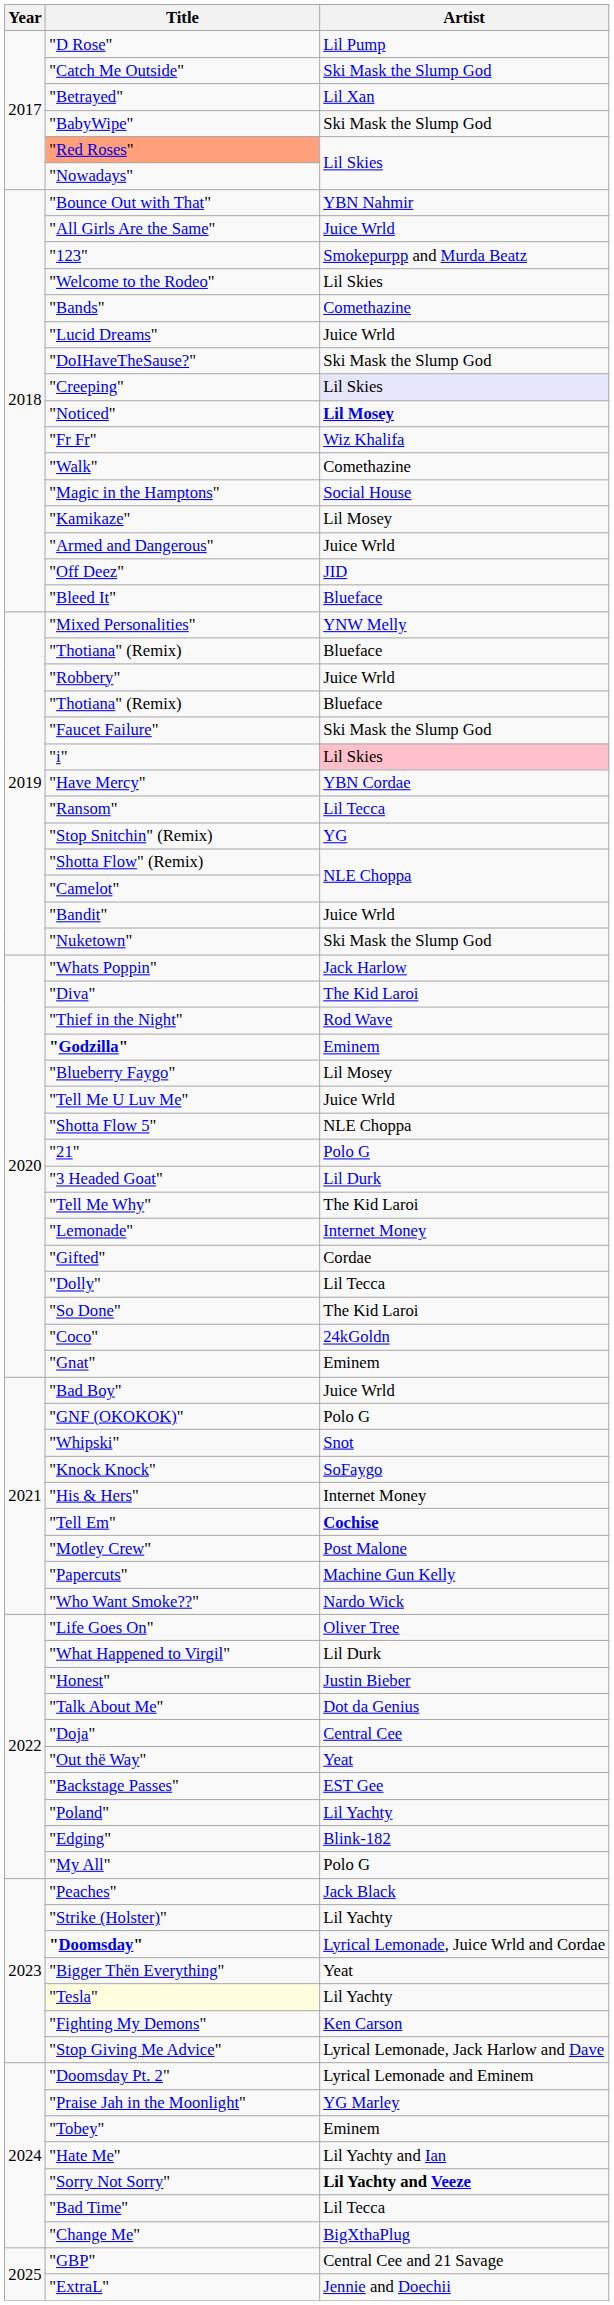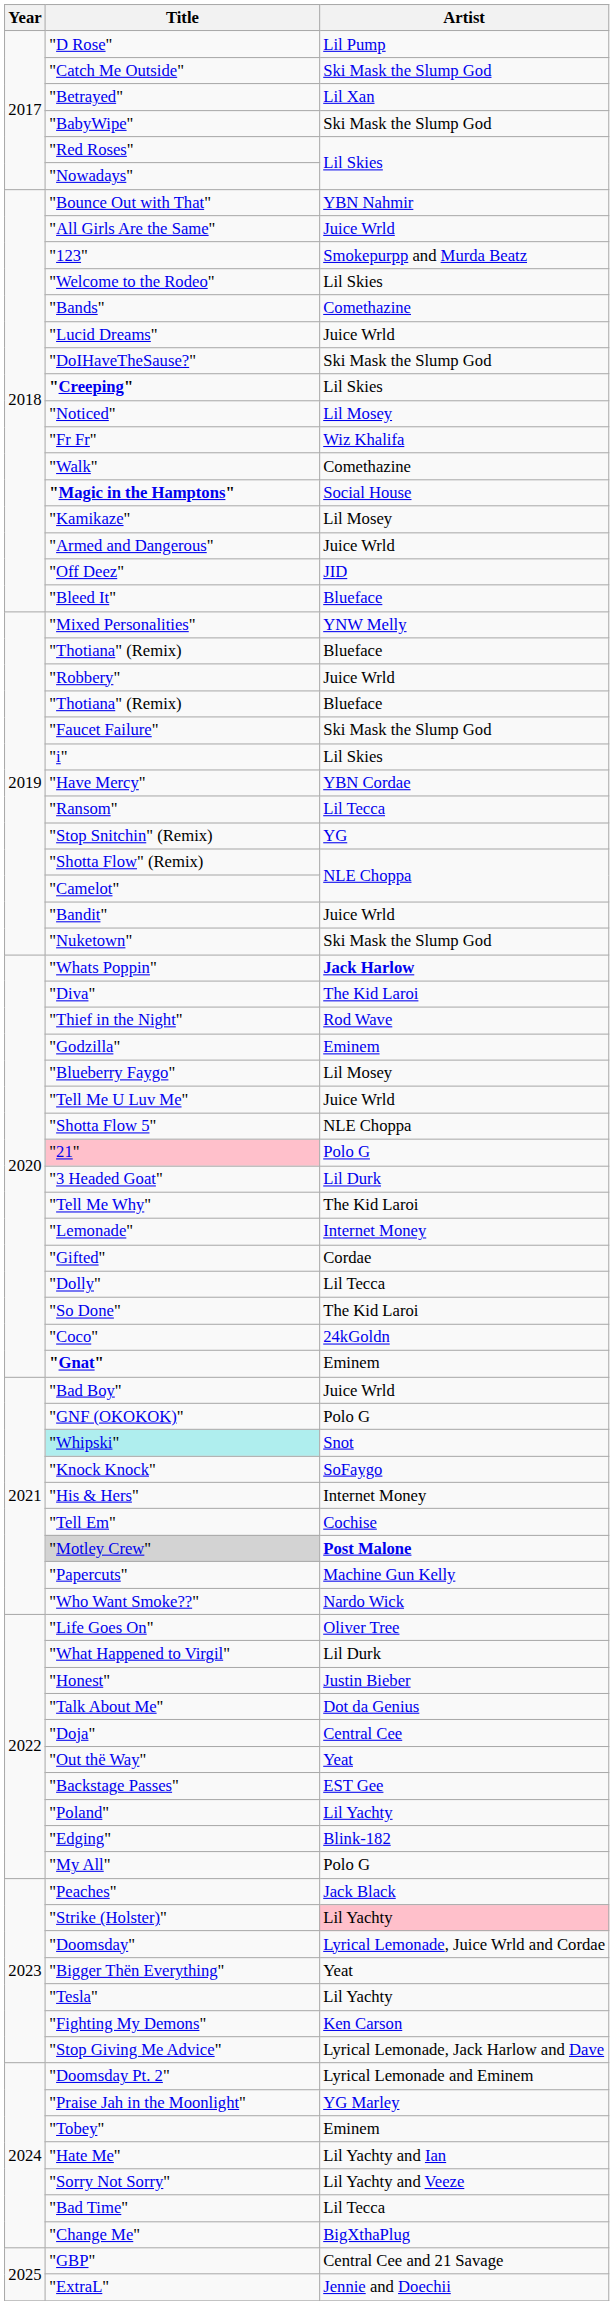 <table class="wikitable sortable plainrowheaders">
 <tr>
 <th scope="col">Year</th>
 <th scope="col" style="width:16em;">Title</th>
 <th scope="col">Artist</th>
 </tr>
 <tr>
 <td rowspan="6">2017</td>
 <td>"<a href='#'>D Rose</a>"</td>
 <td><a href='#'>Lil Pump</a></td>
 </tr>
 <tr>
 <td>"<a href='#'>Catch Me Outside</a>"</td>
 <td><a href='#'>Ski Mask the Slump God</a></td>
 </tr>
 <tr>
 <td>"<a href='#'>Betrayed</a>"</td>
 <td><a href='#'>Lil Xan</a></td>
 </tr>
 <tr>
 <td>"<a href='#'>BabyWipe</a>"</td>
 <td>Ski Mask the Slump God</td>
 </tr>
 <tr>
-<td style="background: lightsalmon;">"<a href='#'>Red Roses</a>" </td>
+<td>"<a href='#'>Red Roses</a>" </td>
 <td rowspan="2"><a href='#'>Lil Skies</a></td>
 </tr>
 <tr>
 <td>"<a href='#'>Nowadays</a>" </td>
 </tr>
 <tr>
 <td rowspan="16">2018</td>
 <td>"<a href='#'>Bounce Out with That</a>"</td>
 <td><a href='#'>YBN Nahmir</a></td>
 </tr>
 <tr>
 <td>"<a href='#'>All Girls Are the Same</a>"</td>
 <td><a href='#'>Juice Wrld</a></td>
 </tr>
 <tr>
 <td>"<a href='#'>123</a>"</td>
 <td><a href='#'>Smokepurpp</a> and <a href='#'>Murda Beatz</a></td>
 </tr>
 <tr>
 <td>"<a href='#'>Welcome to the Rodeo</a>"</td>
 <td>Lil Skies</td>
 </tr>
 <tr>
 <td>"<a href='#'>Bands</a>"</td>
 <td><a href='#'>Comethazine</a></td>
 </tr>
 <tr>
 <td>"<a href='#'>Lucid Dreams</a>"</td>
 <td>Juice Wrld</td>
 </tr>
 <tr>
 <td>"<a href='#'>DoIHaveTheSause?</a>"</td>
 <td>Ski Mask the Slump God</td>
 </tr>
 <tr>
-<td>"<a href='#'>Creeping</a>" </td>
-<td style="background: lavender;">Lil Skies</td>
+<td><strong>"<a href='#'>Creeping</a>" </strong></td>
+<td>Lil Skies</td>
 </tr>
 <tr>
 <td>"<a href='#'>Noticed</a>"</td>
-<td><strong><a href='#'>Lil Mosey</a></strong></td>
+<td><a href='#'>Lil Mosey</a></td>
 </tr>
 <tr>
 <td>"<a href='#'>Fr Fr</a>" </td>
 <td><a href='#'>Wiz Khalifa</a></td>
 </tr>
 <tr>
 <td>"<a href='#'>Walk</a>"</td>
 <td>Comethazine</td>
 </tr>
 <tr>
-<td>"<a href='#'>Magic in the Hamptons</a>" </td>
+<td><strong>"<a href='#'>Magic in the Hamptons</a>" </strong></td>
 <td><a href='#'>Social House</a></td>
 </tr>
 <tr>
 <td>"<a href='#'>Kamikaze</a>"</td>
 <td>Lil Mosey</td>
 </tr>
 <tr>
 <td>"<a href='#'>Armed and Dangerous</a>"</td>
 <td>Juice Wrld</td>
 </tr>
 <tr>
 <td>"<a href='#'>Off Deez</a>" </td>
 <td><a href='#'>JID</a></td>
 </tr>
 <tr>
 <td>"<a href='#'>Bleed It</a>"</td>
 <td><a href='#'>Blueface</a></td>
 </tr>
 <tr>
 <td rowspan="13">2019</td>
 <td>"<a href='#'>Mixed Personalities</a>" </td>
 <td><a href='#'>YNW Melly</a></td>
 </tr>
 <tr>
 <td>"<a href='#'>Thotiana</a>" (Remix) </td>
 <td>Blueface</td>
 </tr>
 <tr>
 <td>"<a href='#'>Robbery</a>"</td>
 <td>Juice Wrld</td>
 </tr>
 <tr>
 <td>"<a href='#'>Thotiana</a>" (Remix) </td>
 <td>Blueface</td>
 </tr>
 <tr>
 <td>"<a href='#'>Faucet Failure</a>"</td>
 <td>Ski Mask the Slump God</td>
 </tr>
 <tr>
 <td>"<a href='#'>i</a>"</td>
-<td style="background: pink;">Lil Skies</td>
+<td>Lil Skies</td>
 </tr>
 <tr>
 <td>"<a href='#'>Have Mercy</a>"</td>
 <td><a href='#'>YBN Cordae</a></td>
 </tr>
 <tr>
 <td>"<a href='#'>Ransom</a>"</td>
 <td><a href='#'>Lil Tecca</a></td>
 </tr>
 <tr>
 <td>"<a href='#'>Stop Snitchin</a>" (Remix) </td>
 <td><a href='#'>YG</a></td>
 </tr>
 <tr>
 <td>"<a href='#'>Shotta Flow</a>" (Remix) </td>
 <td rowspan="2"><a href='#'>NLE Choppa</a></td>
 </tr>
 <tr>
 <td>"<a href='#'>Camelot</a>"</td>
 </tr>
 <tr>
 <td>"<a href='#'>Bandit</a>" </td>
 <td>Juice Wrld</td>
 </tr>
 <tr>
 <td>"<a href='#'>Nuketown</a>" </td>
 <td>Ski Mask the Slump God</td>
 </tr>
 <tr>
 <td rowspan="16">2020</td>
 <td>"<a href='#'>Whats Poppin</a>"</td>
-<td><a href='#'>Jack Harlow</a></td>
+<td><strong><a href='#'>Jack Harlow</a></strong></td>
 </tr>
 <tr>
 <td>"<a href='#'>Diva</a>" </td>
 <td><a href='#'>The Kid Laroi</a></td>
 </tr>
 <tr>
 <td>"<a href='#'>Thief in the Night</a>"</td>
 <td><a href='#'>Rod Wave</a></td>
 </tr>
 <tr>
-<td><strong>"<a href='#'>Godzilla</a>" </strong></td>
+<td>"<a href='#'>Godzilla</a>" </td>
 <td><a href='#'>Eminem</a></td>
 </tr>
 <tr>
 <td>"<a href='#'>Blueberry Faygo</a>"</td>
 <td>Lil Mosey</td>
 </tr>
 <tr>
 <td>"<a href='#'>Tell Me U Luv Me</a>" </td>
 <td>Juice Wrld</td>
 </tr>
 <tr>
 <td>"<a href='#'>Shotta Flow 5</a>"</td>
 <td>NLE Choppa</td>
 </tr>
 <tr>
-<td>"<a href='#'>21</a>"</td>
+<td style="background: pink;">"<a href='#'>21</a>"</td>
 <td><a href='#'>Polo G</a></td>
 </tr>
 <tr>
 <td>"<a href='#'>3 Headed Goat</a>" </td>
 <td><a href='#'>Lil Durk</a></td>
 </tr>
 <tr>
 <td>"<a href='#'>Tell Me Why</a>"</td>
 <td>The Kid Laroi</td>
 </tr>
 <tr>
 <td>"<a href='#'>Lemonade</a>" </td>
 <td><a href='#'>Internet Money</a></td>
 </tr>
 <tr>
 <td>"<a href='#'>Gifted</a>" </td>
 <td>Cordae</td>
 </tr>
 <tr>
 <td>"<a href='#'>Dolly</a>" </td>
 <td>Lil Tecca</td>
 </tr>
 <tr>
 <td>"<a href='#'>So Done</a>"</td>
 <td>The Kid Laroi</td>
 </tr>
 <tr>
 <td>"<a href='#'>Coco</a>" </td>
 <td><a href='#'>24kGoldn</a></td>
 </tr>
 <tr>
-<td>"<a href='#'>Gnat</a>"</td>
+<td><strong>"<a href='#'>Gnat</a>"</strong></td>
 <td>Eminem</td>
 </tr>
 <tr>
 <td rowspan="9">2021</td>
 <td>"<a href='#'>Bad Boy</a>" </td>
 <td>Juice Wrld</td>
 </tr>
 <tr>
 <td>"<a href='#'>GNF (OKOKOK)</a>"</td>
 <td>Polo G</td>
 </tr>
 <tr>
-<td>"<a href='#'>Whipski</a>" </td>
+<td style="background: paleturquoise;">"<a href='#'>Whipski</a>" </td>
 <td><a href='#'>Snot</a></td>
 </tr>
 <tr>
 <td>"<a href='#'>Knock Knock</a>"</td>
 <td><a href='#'>SoFaygo</a></td>
 </tr>
 <tr>
 <td>"<a href='#'>His & Hers</a>" </td>
 <td>Internet Money</td>
 </tr>
 <tr>
 <td>"<a href='#'>Tell Em</a>" </td>
-<td><strong><a href='#'>Cochise</a></strong></td>
+<td><a href='#'>Cochise</a></td>
 </tr>
 <tr>
-<td>"<a href='#'>Motley Crew</a>"</td>
-<td><a href='#'>Post Malone</a></td>
+<td style="background: lightgrey;">"<a href='#'>Motley Crew</a>"</td>
+<td><strong><a href='#'>Post Malone</a></strong></td>
 </tr>
 <tr>
 <td>"<a href='#'>Papercuts</a>"</td>
 <td><a href='#'>Machine Gun Kelly</a></td>
 </tr>
 <tr>
 <td>"<a href='#'>Who Want Smoke??</a>" </td>
 <td><a href='#'>Nardo Wick</a></td>
 </tr>
 <tr>
 <td rowspan="10">2022</td>
 <td>"<a href='#'>Life Goes On</a>" </td>
 <td><a href='#'>Oliver Tree</a></td>
 </tr>
 <tr>
 <td>"<a href='#'>What Happened to Virgil</a>" </td>
 <td>Lil Durk</td>
 </tr>
 <tr>
 <td>"<a href='#'>Honest</a>" </td>
 <td><a href='#'>Justin Bieber</a></td>
 </tr>
 <tr>
 <td>"<a href='#'>Talk About Me</a>"<br></td>
 <td><a href='#'>Dot da Genius</a></td>
 </tr>
 <tr>
 <td>"<a href='#'>Doja</a>"</td>
 <td><a href='#'>Central Cee</a></td>
 </tr>
 <tr>
 <td>"<a href='#'>Out thë Way</a>"</td>
 <td><a href='#'>Yeat</a></td>
 </tr>
 <tr>
 <td>"<a href='#'>Backstage Passes</a>" </td>
 <td><a href='#'>EST Gee</a></td>
 </tr>
 <tr>
 <td>"<a href='#'>Poland</a>"</td>
 <td><a href='#'>Lil Yachty</a></td>
 </tr>
 <tr>
 <td>"<a href='#'>Edging</a>"</td>
 <td><a href='#'>Blink-182</a></td>
 </tr>
 <tr>
 <td>"<a href='#'>My All</a>"</td>
 <td>Polo G</td>
 </tr>
 <tr>
 <td rowspan="7">2023</td>
 <td>"<a href='#'>Peaches</a>"</td>
 <td><a href='#'>Jack Black</a></td>
 </tr>
 <tr>
 <td>"<a href='#'>Strike (Holster)</a>"</td>
-<td>Lil Yachty</td>
+<td style="background: pink;">Lil Yachty</td>
 </tr>
 <tr>
-<td><strong>"<a href='#'>Doomsday</a>"</strong></td>
+<td>"<a href='#'>Doomsday</a>"</td>
 <td><a href='#'>Lyrical Lemonade</a>, Juice Wrld and Cordae</td>
 </tr>
 <tr>
 <td>"<a href='#'>Bigger Thën Everything</a>"</td>
 <td>Yeat</td>
 </tr>
 <tr>
-<td style="background: lightyellow;">"<a href='#'>Tesla</a>"</td>
+<td>"<a href='#'>Tesla</a>"</td>
 <td>Lil Yachty</td>
 </tr>
 <tr>
 <td>"<a href='#'>Fighting My Demons</a>"</td>
 <td><a href='#'>Ken Carson</a></td>
 </tr>
 <tr>
 <td>"<a href='#'>Stop Giving Me Advice</a>"</td>
 <td>Lyrical Lemonade, Jack Harlow and <a href='#'>Dave</a></td>
 </tr>
 <tr>
 <td rowspan="7">2024</td>
 <td>"<a href='#'>Doomsday Pt. 2</a>"</td>
 <td>Lyrical Lemonade and Eminem</td>
 </tr>
 <tr>
 <td>"<a href='#'>Praise Jah in the Moonlight</a>"</td>
 <td><a href='#'>YG Marley</a></td>
 </tr>
 <tr>
 <td>"<a href='#'>Tobey</a>" </td>
 <td>Eminem</td>
 </tr>
 <tr>
 <td>"<a href='#'>Hate Me</a>"</td>
 <td>Lil Yachty and <a href='#'>Ian</a></td>
 </tr>
 <tr>
 <td>"<a href='#'>Sorry Not Sorry</a>"</td>
-<td><strong>Lil Yachty and <a href='#'>Veeze</a></strong></td>
+<td>Lil Yachty and <a href='#'>Veeze</a></td>
 </tr>
 <tr>
 <td>"<a href='#'>Bad Time</a>"</td>
 <td>Lil Tecca</td>
 </tr>
 <tr>
 <td>"<a href='#'>Change Me</a>"</td>
 <td><a href='#'>BigXthaPlug</a></td>
 </tr>
 <tr>
 <td rowspan="2">2025</td>
 <td>"<a href='#'>GBP</a>"</td>
 <td>Central Cee and 21 Savage</td>
 </tr>
 <tr>
 <td>"<a href='#'>ExtraL</a>"</td>
 <td><a href='#'>Jennie</a> and <a href='#'>Doechii</a></td>
 </tr>
 </table>
